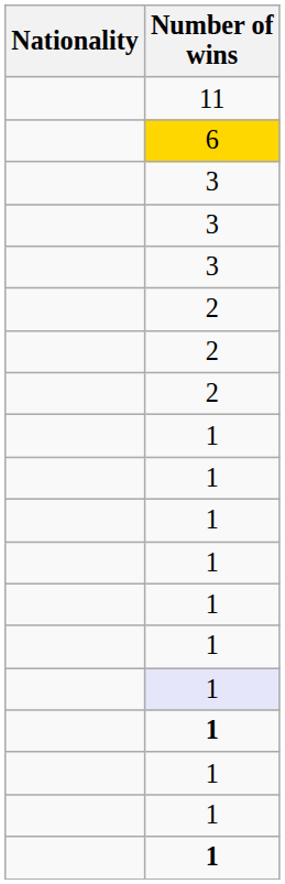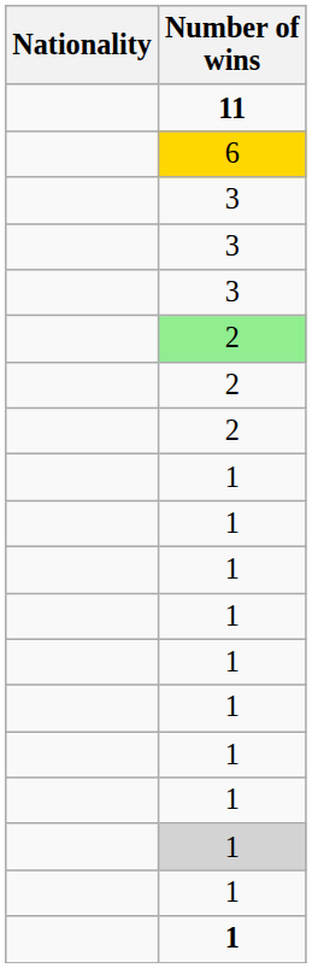 <table class="wikitable">
 <tr>
 <th>Nationality</th>
 <th>Number of<br>wins</th>
 </tr>
 <tr>
 <td></td>
-<td align=center>11</td>
+<td align=center><strong>11</strong></td>
 </tr>
 <tr>
 <td></td>
 <td align=center style="background: gold;">6</td>
 </tr>
 <tr>
 <td></td>
 <td align=center>3</td>
 </tr>
 <tr>
 <td></td>
 <td align=center>3</td>
 </tr>
 <tr>
 <td></td>
 <td align=center>3</td>
 </tr>
 <tr>
 <td></td>
-<td align=center>2</td>
+<td align=center style="background: lightgreen;">2</td>
 </tr>
 <tr>
 <td></td>
 <td align=center>2</td>
 </tr>
 <tr>
 <td></td>
 <td align=center>2</td>
 </tr>
 <tr>
 <td></td>
 <td align=center>1</td>
 </tr>
 <tr>
 <td></td>
 <td align=center>1</td>
 </tr>
 <tr>
 <td></td>
 <td align=center>1</td>
 </tr>
 <tr>
 <td></td>
 <td align=center>1</td>
 </tr>
 <tr>
 <td></td>
 <td align=center>1</td>
 </tr>
 <tr>
 <td></td>
 <td align=center>1</td>
 </tr>
 <tr>
 <td></td>
-<td align=center style="background: lavender;">1</td>
-</tr>
-<tr>
-<td></td>
-<td align=center><strong>1</strong></td>
+<td align=center>1</td>
 </tr>
 <tr>
 <td></td>
 <td align=center>1</td>
+</tr>
+<tr>
+<td></td>
+<td align=center style="background: lightgrey;">1</td>
 </tr>
 <tr>
 <td></td>
 <td align=center>1</td>
 </tr>
 <tr>
 <td></td>
 <td align=center><strong>1</strong></td>
 </tr>
 <tr>
 </tr>
 </table>
